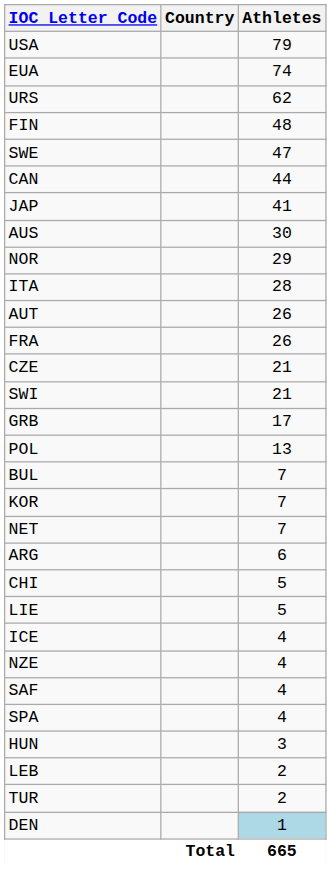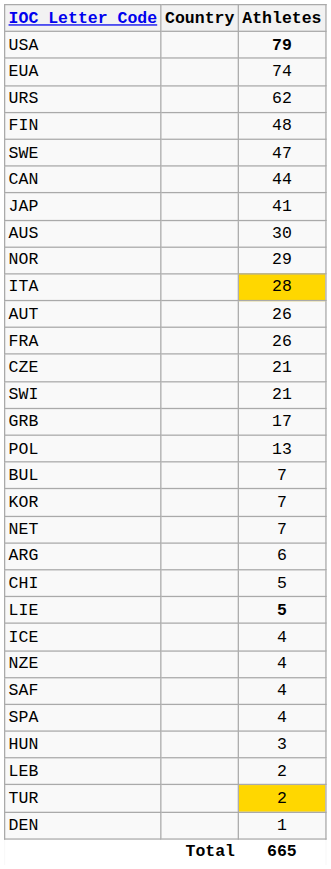 <table class="wikitable collapsible collapsed sortable" style="border:0;">
 <tr>
 <th><a href='#'>IOC Letter Code</a></th>
 <th>Country</th>
 <th>Athletes</th>
 </tr>
 <tr>
 <td>USA</td>
 <td></td>
-<td align=center>79</td>
+<td align=center><strong>79</strong></td>
 </tr>
 <tr>
 <td>EUA</td>
 <td></td>
 <td align=center>74</td>
 </tr>
 <tr>
 <td>URS</td>
 <td></td>
 <td align=center>62</td>
 </tr>
 <tr>
 <td>FIN</td>
 <td></td>
 <td align=center>48</td>
 </tr>
 <tr>
 <td>SWE</td>
 <td></td>
 <td align=center>47</td>
 </tr>
 <tr>
 <td>CAN</td>
 <td></td>
 <td align=center>44</td>
 </tr>
 <tr>
 <td>JAP</td>
 <td></td>
 <td align=center>41</td>
 </tr>
 <tr>
 <td>AUS</td>
 <td></td>
 <td align=center>30</td>
 </tr>
 <tr>
 <td>NOR</td>
 <td></td>
 <td align=center>29</td>
 </tr>
 <tr>
 <td>ITA</td>
 <td></td>
-<td align=center>28</td>
+<td align=center style="background: gold;">28</td>
 </tr>
 <tr>
 <td>AUT</td>
 <td></td>
 <td align=center>26</td>
 </tr>
 <tr>
 <td>FRA</td>
 <td></td>
 <td align=center>26</td>
 </tr>
 <tr>
 <td>CZE</td>
 <td></td>
 <td align=center>21</td>
 </tr>
 <tr>
 <td>SWI</td>
 <td></td>
 <td align=center>21</td>
 </tr>
 <tr>
 <td>GRB</td>
 <td></td>
 <td align=center>17</td>
 </tr>
 <tr>
 <td>POL</td>
 <td></td>
 <td align=center>13</td>
 </tr>
 <tr>
 <td>BUL</td>
 <td></td>
 <td align=center>7</td>
 </tr>
 <tr>
 <td>KOR</td>
 <td></td>
 <td align=center>7</td>
 </tr>
 <tr>
 <td>NET</td>
 <td></td>
 <td align=center>7</td>
 </tr>
 <tr>
 <td>ARG</td>
 <td></td>
 <td align=center>6</td>
 </tr>
 <tr>
 <td>CHI</td>
 <td></td>
 <td align=center>5</td>
 </tr>
 <tr>
 <td>LIE</td>
 <td></td>
-<td align=center>5</td>
+<td align=center><strong>5</strong></td>
 </tr>
 <tr>
 <td>ICE</td>
 <td></td>
 <td align=center>4</td>
 </tr>
 <tr>
 <td>NZE</td>
 <td></td>
 <td align=center>4</td>
 </tr>
 <tr>
 <td>SAF</td>
 <td></td>
 <td align=center>4</td>
 </tr>
 <tr>
 <td>SPA</td>
 <td></td>
 <td align=center>4</td>
 </tr>
 <tr>
 <td>HUN</td>
 <td></td>
 <td align=center>3</td>
 </tr>
 <tr>
 <td>LEB</td>
 <td></td>
 <td align=center>2</td>
 </tr>
 <tr>
 <td>TUR</td>
 <td></td>
-<td align=center>2</td>
+<td align=center style="background: gold;">2</td>
 </tr>
 <tr>
 <td>DEN</td>
 <td></td>
-<td align=center style="background: lightblue;">1</td>
+<td align=center>1</td>
 </tr>
 <tr class="sortbottom">
 <td colspan=2; style="text-align:right; border:0px; background:#fff;"><strong>Total</strong></td>
 <td style="text-align:center; border:0px; background:#fff;"><strong>665</strong></td>
 </tr>
 <tr>
 </tr>
 </table>
